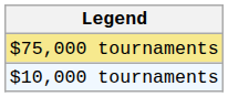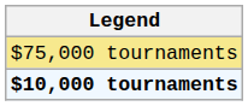 <table class="wikitable" style="font-size:85%">
 <tr>
 <th>Legend</th>
 </tr>
 <tr style="background:#f7e98e;">
 <td>$75,000 tournaments</td>
 </tr>
 <tr style="background:#f0f8ff;">
-<td>$10,000 tournaments</td>
+<td><strong>$10,000 tournaments</strong></td>
 </tr>
 </table>
